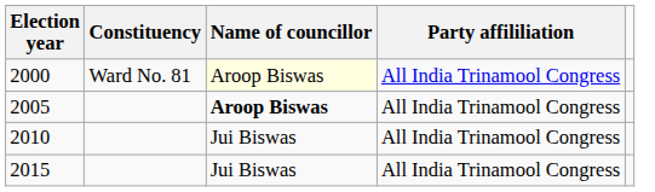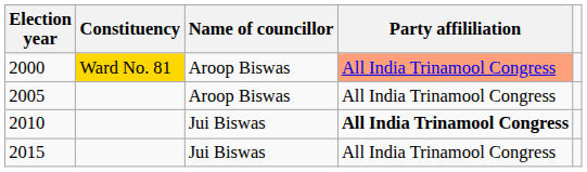 <table class="wikitable"ìÍĦĤĠčw>
 <tr>
 <th>Election<br> year</th>
 <th>Constituency</th>
 <th>Name of councillor</th>
 <th>Party affililiation</th>
 </tr>
 <tr>
 <td>2000</td>
-<td>Ward No. 81</td>
-<td style="background: lightyellow;">Aroop Biswas</td>
-<td><a href='#'>All India Trinamool Congress</a></td>
+<td style="background: gold;">Ward No. 81</td>
+<td>Aroop Biswas</td>
+<td style="background: lightsalmon;"><a href='#'>All India Trinamool Congress</a></td>
 <td></td>
 </tr>
 <tr>
 <td>2005</td>
 <td></td>
-<td><strong>Aroop Biswas</strong></td>
+<td>Aroop Biswas</td>
 <td>All India Trinamool Congress</td>
 <td></td>
 </tr>
 <tr>
 <td>2010</td>
 <td></td>
 <td>Jui Biswas</td>
-<td>All India Trinamool Congress</td>
+<td><strong>All India Trinamool Congress</strong></td>
 <td></td>
 </tr>
 <tr>
 <td>2015</td>
 <td></td>
 <td>Jui Biswas</td>
 <td>All India Trinamool Congress</td>
 <td></td>
 </tr>
 </table>
